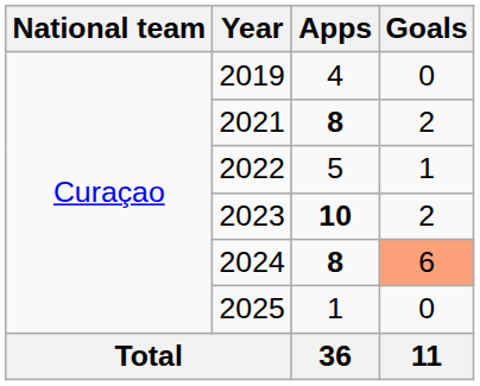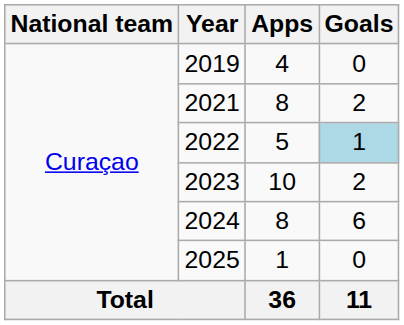 <table class="wikitable" style="text-align:center">
 <tr>
 <th>National team</th>
 <th>Year</th>
 <th>Apps</th>
 <th>Goals</th>
 </tr>
 <tr>
 <td rowspan="6"><a href='#'>Curaçao</a></td>
 <td>2019</td>
 <td>4</td>
 <td>0</td>
 </tr>
 <tr>
 <td>2021</td>
-<td><strong>8</strong></td>
+<td>8</td>
 <td>2</td>
 </tr>
 <tr>
 <td>2022</td>
 <td>5</td>
-<td>1</td>
+<td style="background: lightblue;">1</td>
 </tr>
 <tr>
 <td>2023</td>
-<td><strong>10</strong></td>
+<td>10</td>
 <td>2</td>
 </tr>
 <tr>
 <td>2024</td>
-<td><strong>8</strong></td>
-<td style="background: lightsalmon;">6</td>
+<td>8</td>
+<td>6</td>
 </tr>
 <tr>
 <td>2025</td>
 <td>1</td>
 <td>0</td>
 </tr>
 <tr>
 <th colspan="2">Total</th>
 <th>36</th>
 <th>11</th>
 </tr>
 </table>
